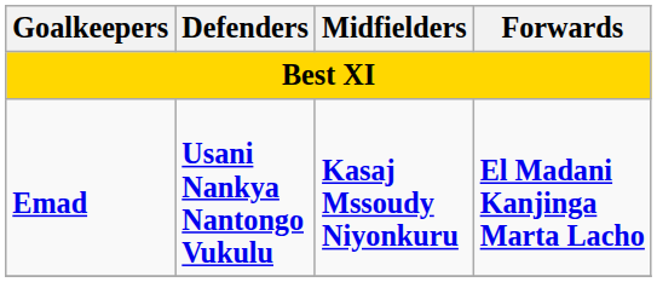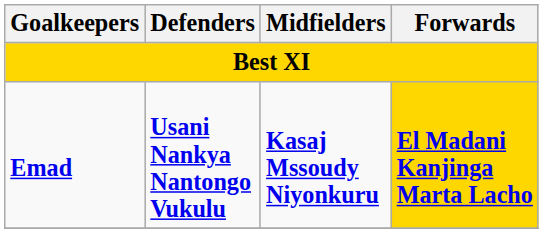 <table class="wikitable">
 <tr>
 <th>Goalkeepers</th>
 <th>Defenders</th>
 <th>Midfielders</th>
 <th>Forwards</th>
 </tr>
 <tr>
 <th colspan="4" style="background-color:gold">Best XI</th>
 </tr>
 <tr>
 <td valign=center><br> <strong><a href='#'>Emad</a></strong></td>
 <td valign=center><br> <strong><a href='#'>Usani</a></strong><br> <strong><a href='#'>Nankya</a></strong><br> <strong><a href='#'>Nantongo</a></strong><br> <strong><a href='#'>Vukulu</a></strong></td>
 <td valign=center><br> <strong><a href='#'>Kasaj</a></strong><br> <strong><a href='#'>Mssoudy</a></strong><br> <strong><a href='#'>Niyonkuru</a></strong></td>
-<td valign=center><br> <strong><a href='#'>El Madani</a></strong><br> <strong><a href='#'>Kanjinga</a></strong><br> <strong><a href='#'>Marta Lacho</a></strong></td>
+<td valign=center style="background: gold;"><br> <strong><a href='#'>El Madani</a></strong><br> <strong><a href='#'>Kanjinga</a></strong><br> <strong><a href='#'>Marta Lacho</a></strong></td>
 </tr>
 <tr>
 </tr>
 </table>
